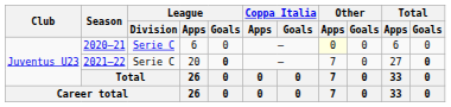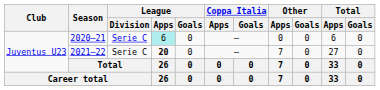 <table class="wikitable" style="text-align:center">
 <tr>
 <th rowspan="2">Club</th>
 <th rowspan="2">Season</th>
 <th colspan="3">League</th>
 <th colspan="2"><a href='#'>Coppa Italia</a></th>
 <th colspan="2">Other</th>
 <th colspan="2">Total</th>
 </tr>
 <tr>
 <th>Division</th>
 <th>Apps</th>
 <th>Goals</th>
 <th>Apps</th>
 <th>Goals</th>
 <th>Apps</th>
 <th>Goals</th>
 <th>Apps</th>
 <th>Goals</th>
 </tr>
 <tr>
 <td rowspan="3"><a href='#'>Juventus U23</a></td>
 <td><a href='#'>2020–21</a></td>
 <td><a href='#'>Serie C</a></td>
-<td>6</td>
+<td style="background: paleturquoise;">6</td>
 <td>0</td>
 <td colspan="2">—</td>
-<td style="background: lightyellow;">0</td>
+<td>0</td>
 <td>0</td>
 <td>6</td>
 <td>0</td>
 </tr>
 <tr>
 <td><a href='#'>2021–22</a></td>
 <td>Serie C</td>
-<td>20</td>
-<td><strong>0</strong></td>
+<td><strong>20</strong></td>
+<td>0</td>
 <td colspan="2">—</td>
 <td>7</td>
 <td>0</td>
 <td>27</td>
-<td><strong>0</strong></td>
+<td>0</td>
 </tr>
 <tr>
 <th colspan="2">Total</th>
 <th>26</th>
 <th>0</th>
 <th>0</th>
 <th>0</th>
 <th>7</th>
 <th>0</th>
 <th>33</th>
 <th>0</th>
 </tr>
 <tr>
 <th colspan="3">Career total</th>
 <th>26</th>
 <th>0</th>
 <th>0</th>
 <th>0</th>
 <th>7</th>
 <th>0</th>
 <th>33</th>
 <th>0</th>
 </tr>
 </table>
